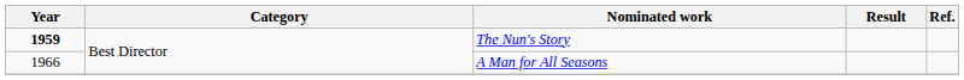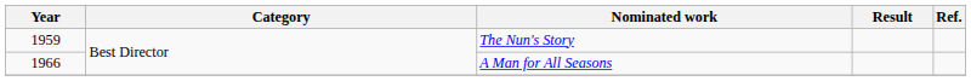 <table class=wikitable>
 <tr>
 <th scope="col" style="width:5em;">Year</th>
 <th scope="col" style="width:26em;">Category</th>
 <th scope="col" style="width:25em;">Nominated work</th>
 <th scope="col" style="width:5em;">Result</th>
 <th>Ref.</th>
 </tr>
 <tr>
-<td style="text-align:center;"><strong>1959</strong></td>
+<td style="text-align:center;">1959</td>
 <td rowspan=2>Best Director</td>
 <td><em><a href='#'>The Nun's Story</a></em></td>
 <td></td>
 <td></td>
 </tr>
 <tr>
 <td style="text-align:center;">1966</td>
 <td><em><a href='#'>A Man for All Seasons</a></em></td>
 <td></td>
 <td></td>
 </tr>
 <tr>
 </tr>
 </table>
